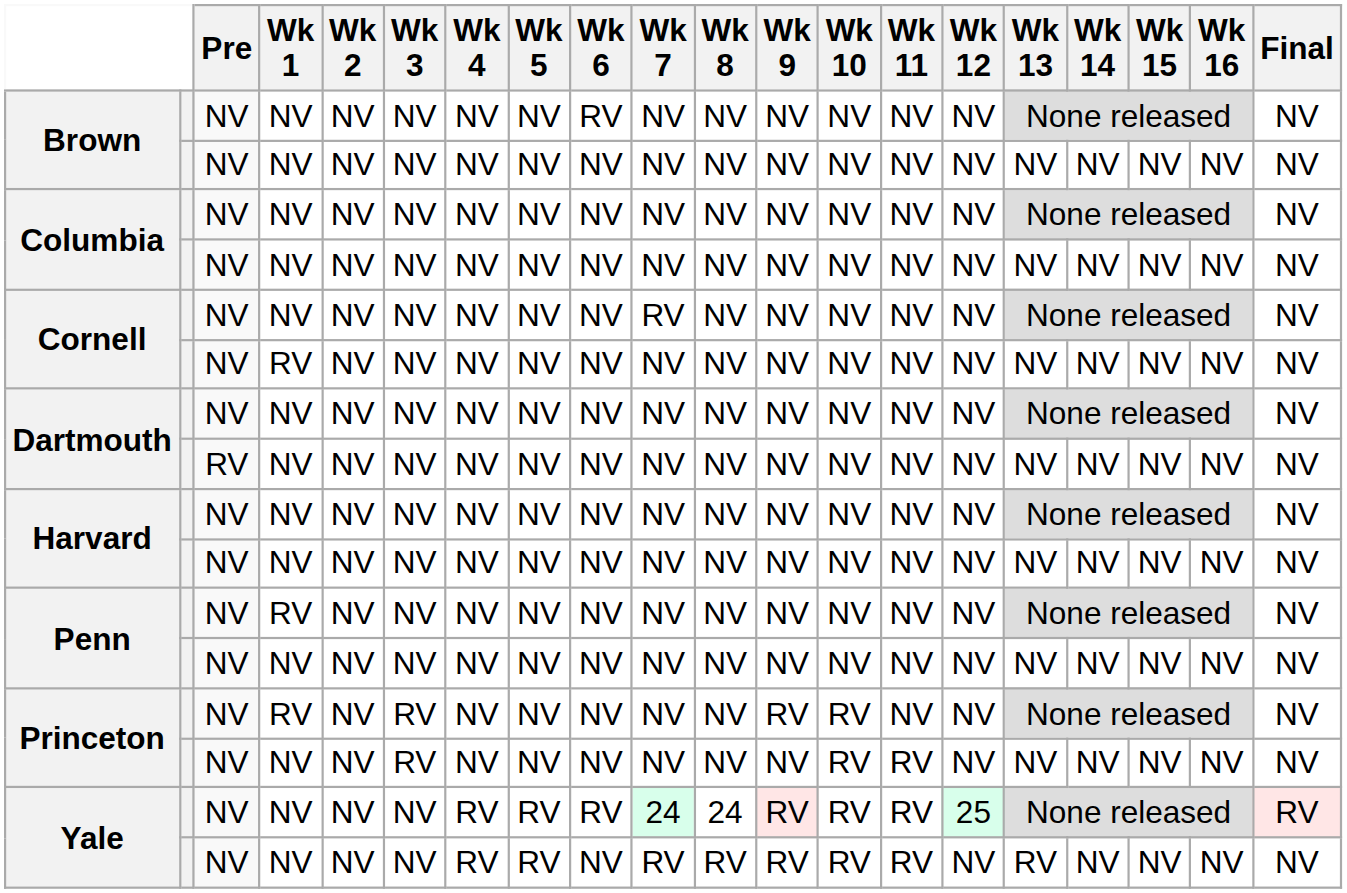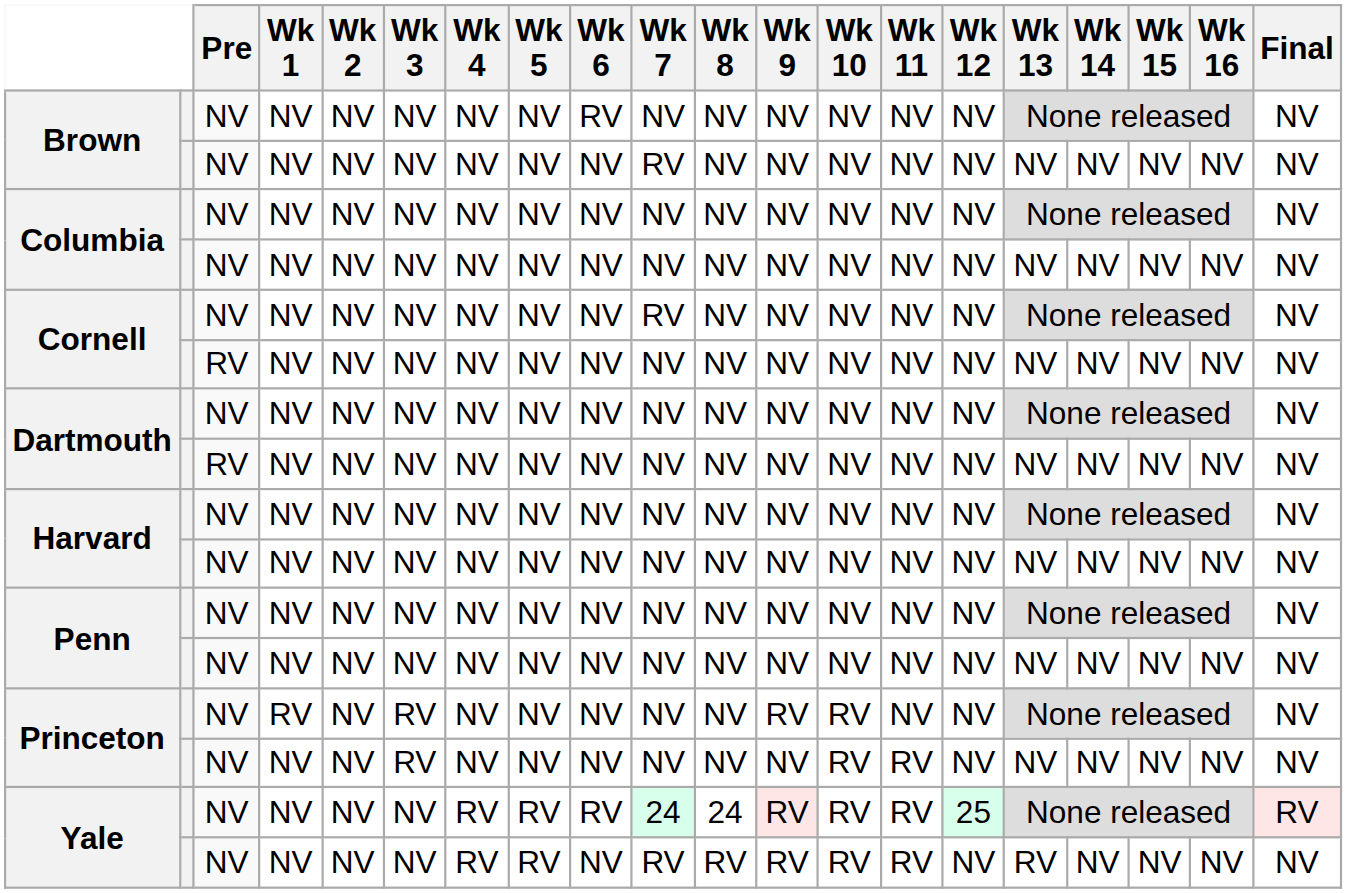 <table class="wikitable" style="white-space:nowrap;font-size:90%;text-align:center;">
 <tr>
 <th colspan=2 style="background:white; border-top-style:hidden; border-left-style:hidden;"> </th>
 <th>Pre</th>
 <th>Wk<br> 1</th>
 <th>Wk<br>2</th>
 <th>Wk<br>3</th>
 <th>Wk<br>4</th>
 <th>Wk<br>5</th>
 <th>Wk<br>6</th>
 <th>Wk<br>7</th>
 <th>Wk<br>8</th>
 <th>Wk<br>9</th>
 <th>Wk<br>10</th>
 <th>Wk<br>11</th>
 <th>Wk<br>12</th>
 <th>Wk<br>13</th>
 <th>Wk<br>14</th>
 <th>Wk<br>15</th>
 <th>Wk<br>16</th>
 <th>Final</th>
 </tr>
 <tr>
 <th rowspan=2 style=>Brown</th>
 <th></th>
 <td>NV</td>
 <td style="background:#FFF;">NV</td>
 <td style="background:#FFF;">NV</td>
 <td style="background:#FFF;">NV</td>
 <td style="background:#FFF;">NV</td>
 <td style="background:#FFF;">NV</td>
 <td style="background:#FFF;">RV</td>
 <td style="background:#FFF;">NV</td>
 <td style="background:#FFF;">NV</td>
 <td style="background:#FFF;">NV</td>
 <td style="background:#FFF;">NV</td>
 <td style="background:#FFF;">NV</td>
 <td style="background:#FFF;">NV</td>
 <td colspan="4" style="background:#DDD;">None released</td>
 <td style="background:#FFF;">NV</td>
 </tr>
 <tr>
 <th></th>
 <td>NV</td>
 <td style="background:#FFF;">NV</td>
 <td style="background:#FFF;">NV</td>
 <td style="background:#FFF;">NV</td>
 <td style="background:#FFF;">NV</td>
 <td style="background:#FFF;">NV</td>
 <td style="background:#FFF;">NV</td>
-<td style="background:#FFF;">NV</td>
+<td style="background:#FFF;">RV</td>
 <td style="background:#FFF;">NV</td>
 <td style="background:#FFF;">NV</td>
 <td style="background:#FFF;">NV</td>
 <td style="background:#FFF;">NV</td>
 <td style="background:#FFF;">NV</td>
 <td style="background:#FFF;">NV</td>
 <td style="background:#FFF;">NV</td>
 <td style="background:#FFF;">NV</td>
 <td style="background:#FFF;">NV</td>
 <td style="background:#FFF;">NV</td>
 </tr>
 <tr>
 <th rowspan=2 style=>Columbia</th>
 <th></th>
 <td>NV</td>
 <td style="background:#FFF;">NV</td>
 <td style="background:#FFF;">NV</td>
 <td style="background:#FFF;">NV</td>
 <td style="background:#FFF;">NV</td>
 <td style="background:#FFF;">NV</td>
 <td style="background:#FFF;">NV</td>
 <td style="background:#FFF;">NV</td>
 <td style="background:#FFF;">NV</td>
 <td style="background:#FFF;">NV</td>
 <td style="background:#FFF;">NV</td>
 <td style="background:#FFF;">NV</td>
 <td style="background:#FFF;">NV</td>
 <td colspan="4" style="background:#DDD;">None released</td>
 <td style="background:#FFF;">NV</td>
 </tr>
 <tr>
 <th></th>
 <td>NV</td>
 <td style="background:#FFF;">NV</td>
 <td style="background:#FFF;">NV</td>
 <td style="background:#FFF;">NV</td>
 <td style="background:#FFF;">NV</td>
 <td style="background:#FFF;">NV</td>
 <td style="background:#FFF;">NV</td>
 <td style="background:#FFF;">NV</td>
 <td style="background:#FFF;">NV</td>
 <td style="background:#FFF;">NV</td>
 <td style="background:#FFF;">NV</td>
 <td style="background:#FFF;">NV</td>
 <td style="background:#FFF;">NV</td>
 <td style="background:#FFF;">NV</td>
 <td style="background:#FFF;">NV</td>
 <td style="background:#FFF;">NV</td>
 <td style="background:#FFF;">NV</td>
 <td style="background:#FFF;">NV</td>
 </tr>
 <tr>
 <th rowspan=2 style=>Cornell</th>
 <th></th>
 <td>NV</td>
 <td style="background:#FFF;">NV</td>
 <td style="background:#FFF;">NV</td>
 <td style="background:#FFF;">NV</td>
 <td style="background:#FFF;">NV</td>
 <td style="background:#FFF;">NV</td>
 <td style="background:#FFF;">NV</td>
 <td style="background:#FFF;">RV</td>
 <td style="background:#FFF;">NV</td>
 <td style="background:#FFF;">NV</td>
 <td style="background:#FFF;">NV</td>
 <td style="background:#FFF;">NV</td>
 <td style="background:#FFF;">NV</td>
 <td colspan="4" style="background:#DDD;">None released</td>
 <td style="background:#FFF;">NV</td>
 </tr>
 <tr>
 <th></th>
-<td>NV</td>
-<td style="background:#FFF;">RV</td>
+<td>RV</td>
+<td style="background:#FFF;">NV</td>
 <td style="background:#FFF;">NV</td>
 <td style="background:#FFF;">NV</td>
 <td style="background:#FFF;">NV</td>
 <td style="background:#FFF;">NV</td>
 <td style="background:#FFF;">NV</td>
 <td style="background:#FFF;">NV</td>
 <td style="background:#FFF;">NV</td>
 <td style="background:#FFF;">NV</td>
 <td style="background:#FFF;">NV</td>
 <td style="background:#FFF;">NV</td>
 <td style="background:#FFF;">NV</td>
 <td style="background:#FFF;">NV</td>
 <td style="background:#FFF;">NV</td>
 <td style="background:#FFF;">NV</td>
 <td style="background:#FFF;">NV</td>
 <td style="background:#FFF;">NV</td>
 </tr>
 <tr>
 <th rowspan=2 style=>Dartmouth</th>
 <th></th>
 <td>NV</td>
 <td style="background:#FFF;">NV</td>
 <td style="background:#FFF;">NV</td>
 <td style="background:#FFF;">NV</td>
 <td style="background:#FFF;">NV</td>
 <td style="background:#FFF;">NV</td>
 <td style="background:#FFF;">NV</td>
 <td style="background:#FFF;">NV</td>
 <td style="background:#FFF;">NV</td>
 <td style="background:#FFF;">NV</td>
 <td style="background:#FFF;">NV</td>
 <td style="background:#FFF;">NV</td>
 <td style="background:#FFF;">NV</td>
 <td colspan="4" style="background:#DDD;">None released</td>
 <td style="background:#FFF;">NV</td>
 </tr>
 <tr>
 <th></th>
 <td>RV</td>
 <td style="background:#FFF;">NV</td>
 <td style="background:#FFF;">NV</td>
 <td style="background:#FFF;">NV</td>
 <td style="background:#FFF;">NV</td>
 <td style="background:#FFF;">NV</td>
 <td style="background:#FFF;">NV</td>
 <td style="background:#FFF;">NV</td>
 <td style="background:#FFF;">NV</td>
 <td style="background:#FFF;">NV</td>
 <td style="background:#FFF;">NV</td>
 <td style="background:#FFF;">NV</td>
 <td style="background:#FFF;">NV</td>
 <td style="background:#FFF;">NV</td>
 <td style="background:#FFF;">NV</td>
 <td style="background:#FFF;">NV</td>
 <td style="background:#FFF;">NV</td>
 <td style="background:#FFF;">NV</td>
 </tr>
 <tr>
 <th rowspan=2 style=>Harvard</th>
 <th></th>
 <td>NV</td>
 <td style="background:#FFF;">NV</td>
 <td style="background:#FFF;">NV</td>
 <td style="background:#FFF;">NV</td>
 <td style="background:#FFF;">NV</td>
 <td style="background:#FFF;">NV</td>
 <td style="background:#FFF;">NV</td>
 <td style="background:#FFF;">NV</td>
 <td style="background:#FFF;">NV</td>
 <td style="background:#FFF;">NV</td>
 <td style="background:#FFF;">NV</td>
 <td style="background:#FFF;">NV</td>
 <td style="background:#FFF;">NV</td>
 <td colspan="4" style="background:#DDD;">None released</td>
 <td style="background:#FFF;">NV</td>
 </tr>
 <tr>
 <th></th>
 <td>NV</td>
 <td style="background:#FFF;">NV</td>
 <td style="background:#FFF;">NV</td>
 <td style="background:#FFF;">NV</td>
 <td style="background:#FFF;">NV</td>
 <td style="background:#FFF;">NV</td>
 <td style="background:#FFF;">NV</td>
 <td style="background:#FFF;">NV</td>
 <td style="background:#FFF;">NV</td>
 <td style="background:#FFF;">NV</td>
 <td style="background:#FFF;">NV</td>
 <td style="background:#FFF;">NV</td>
 <td style="background:#FFF;">NV</td>
 <td style="background:#FFF;">NV</td>
 <td style="background:#FFF;">NV</td>
 <td style="background:#FFF;">NV</td>
 <td style="background:#FFF;">NV</td>
 <td style="background:#FFF;">NV</td>
 </tr>
 <tr>
 <th rowspan=2 style=>Penn</th>
 <th></th>
 <td>NV</td>
-<td style="background:#FFF;">RV</td>
+<td style="background:#FFF;">NV</td>
 <td style="background:#FFF;">NV</td>
 <td style="background:#FFF;">NV</td>
 <td style="background:#FFF;">NV</td>
 <td style="background:#FFF;">NV</td>
 <td style="background:#FFF;">NV</td>
 <td style="background:#FFF;">NV</td>
 <td style="background:#FFF;">NV</td>
 <td style="background:#FFF;">NV</td>
 <td style="background:#FFF;">NV</td>
 <td style="background:#FFF;">NV</td>
 <td style="background:#FFF;">NV</td>
 <td colspan="4" style="background:#DDD;">None released</td>
 <td style="background:#FFF;">NV</td>
 </tr>
 <tr>
 <th></th>
 <td>NV</td>
 <td style="background:#FFF;">NV</td>
 <td style="background:#FFF;">NV</td>
 <td style="background:#FFF;">NV</td>
 <td style="background:#FFF;">NV</td>
 <td style="background:#FFF;">NV</td>
 <td style="background:#FFF;">NV</td>
 <td style="background:#FFF;">NV</td>
 <td style="background:#FFF;">NV</td>
 <td style="background:#FFF;">NV</td>
 <td style="background:#FFF;">NV</td>
 <td style="background:#FFF;">NV</td>
 <td style="background:#FFF;">NV</td>
 <td style="background:#FFF;">NV</td>
 <td style="background:#FFF;">NV</td>
 <td style="background:#FFF;">NV</td>
 <td style="background:#FFF;">NV</td>
 <td style="background:#FFF;">NV</td>
 </tr>
 <tr>
 <th rowspan=2 style=>Princeton</th>
 <th></th>
 <td>NV</td>
 <td style="background:#FFF;">RV</td>
 <td style="background:#FFF;">NV</td>
 <td style="background:#FFF;">RV</td>
 <td style="background:#FFF;">NV</td>
 <td style="background:#FFF;">NV</td>
 <td style="background:#FFF;">NV</td>
 <td style="background:#FFF;">NV</td>
 <td style="background:#FFF;">NV</td>
 <td style="background:#FFF;">RV</td>
 <td style="background:#FFF;">RV</td>
 <td style="background:#FFF;">NV</td>
 <td style="background:#FFF;">NV</td>
 <td colspan="4" style="background:#DDD;">None released</td>
 <td style="background:#FFF;">NV</td>
 </tr>
 <tr>
 <th></th>
 <td>NV</td>
 <td style="background:#FFF;">NV</td>
 <td style="background:#FFF;">NV</td>
 <td style="background:#FFF;">RV</td>
 <td style="background:#FFF;">NV</td>
 <td style="background:#FFF;">NV</td>
 <td style="background:#FFF;">NV</td>
 <td style="background:#FFF;">NV</td>
 <td style="background:#FFF;">NV</td>
 <td style="background:#FFF;">NV</td>
 <td style="background:#FFF;">RV</td>
 <td style="background:#FFF;">RV</td>
 <td style="background:#FFF;">NV</td>
 <td style="background:#FFF;">NV</td>
 <td style="background:#FFF;">NV</td>
 <td style="background:#FFF;">NV</td>
 <td style="background:#FFF;">NV</td>
 <td style="background:#FFF;">NV</td>
 </tr>
 <tr>
 <th rowspan=2 style=>Yale</th>
 <th></th>
 <td>NV</td>
 <td style="background:#FFF;">NV</td>
 <td style="background:#FFF;">NV</td>
 <td style="background:#FFF;">NV</td>
 <td style="background:#FFF;">RV</td>
 <td style="background:#FFF;">RV</td>
 <td style="background:#FFF;">RV</td>
 <td style="background:#d8ffeb;">24</td>
 <td style="background:#FFF;">24</td>
 <td style="background:#ffe6e6;">RV</td>
 <td style="background:#FFF;">RV</td>
 <td style="background:#FFF;">RV</td>
 <td style="background:#d8ffeb;">25</td>
 <td colspan="4" style="background:#DDD;">None released</td>
 <td style="background:#ffe6e6;">RV</td>
 </tr>
 <tr>
 <th></th>
 <td>NV</td>
 <td style="background:#FFF;">NV</td>
 <td style="background:#FFF;">NV</td>
 <td style="background:#FFF;">NV</td>
 <td style="background:#FFF;">RV</td>
 <td style="background:#FFF;">RV</td>
 <td style="background:#FFF;">NV</td>
 <td style="background:#FFF;">RV</td>
 <td style="background:#FFF;">RV</td>
 <td style="background:#FFF;">RV</td>
 <td style="background:#FFF;">RV</td>
 <td style="background:#FFF;">RV</td>
 <td style="background:#FFF;">NV</td>
 <td style="background:#FFF;">RV</td>
 <td style="background:#FFF;">NV</td>
 <td style="background:#FFF;">NV</td>
 <td style="background:#FFF;">NV</td>
 <td style="background:#FFF;">NV</td>
 </tr>
 </table>
